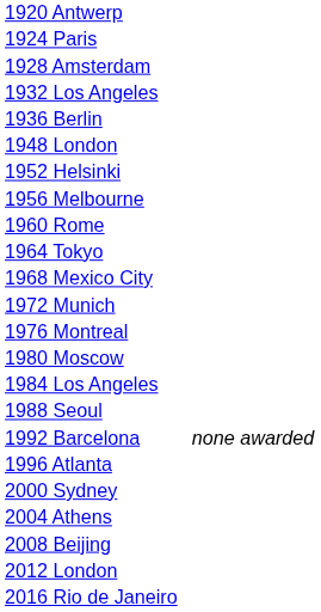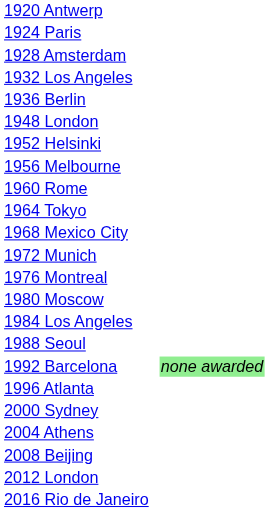 <table>
 <tr>
 <td><a href='#'>1920 Antwerp</a><br></td>
 <td></td>
 <td></td>
 <td></td>
 </tr>
 <tr>
 <td><a href='#'>1924 Paris</a><br></td>
 <td></td>
 <td></td>
 <td></td>
 </tr>
 <tr>
 <td><a href='#'>1928 Amsterdam</a><br></td>
 <td></td>
 <td></td>
 <td></td>
 </tr>
 <tr>
 <td><a href='#'>1932 Los Angeles</a><br></td>
 <td></td>
 <td></td>
 <td></td>
 </tr>
 <tr>
 <td><a href='#'>1936 Berlin</a><br></td>
 <td></td>
 <td></td>
 <td></td>
 </tr>
 <tr>
 <td><a href='#'>1948 London</a><br></td>
 <td></td>
 <td></td>
 <td></td>
 </tr>
 <tr>
 <td><a href='#'>1952 Helsinki</a><br></td>
 <td></td>
 <td></td>
 <td></td>
 </tr>
 <tr>
 <td><a href='#'>1956 Melbourne</a><br></td>
 <td></td>
 <td></td>
 <td></td>
 </tr>
 <tr>
 <td><a href='#'>1960 Rome</a><br></td>
 <td></td>
 <td></td>
 <td></td>
 </tr>
 <tr>
 <td><a href='#'>1964 Tokyo</a><br></td>
 <td></td>
 <td></td>
 <td></td>
 </tr>
 <tr>
 <td><a href='#'>1968 Mexico City</a><br></td>
 <td></td>
 <td></td>
 <td></td>
 </tr>
 <tr>
 <td><a href='#'>1972 Munich</a><br></td>
 <td></td>
 <td></td>
 <td></td>
 </tr>
 <tr>
 <td><a href='#'>1976 Montreal</a><br></td>
 <td></td>
 <td></td>
 <td></td>
 </tr>
 <tr>
 <td><a href='#'>1980 Moscow</a><br></td>
 <td></td>
 <td></td>
 <td></td>
 </tr>
 <tr>
 <td><a href='#'>1984 Los Angeles</a><br></td>
 <td></td>
 <td></td>
 <td></td>
 </tr>
 <tr>
 <td><a href='#'>1988 Seoul</a><br></td>
 <td></td>
 <td></td>
 <td></td>
 </tr>
 <tr>
 <td><a href='#'>1992 Barcelona</a><br></td>
 <td></td>
 <td></td>
-<td><em>none awarded</em></td>
+<td style="background: lightgreen;"><em>none awarded</em></td>
 </tr>
 <tr>
 <td><a href='#'>1996 Atlanta</a><br></td>
 <td></td>
 <td></td>
 <td></td>
 </tr>
 <tr>
 <td><a href='#'>2000 Sydney</a><br></td>
 <td></td>
 <td></td>
 <td></td>
 </tr>
 <tr>
 <td><a href='#'>2004 Athens</a><br></td>
 <td></td>
 <td></td>
 <td></td>
 </tr>
 <tr>
 <td><a href='#'>2008 Beijing</a><br></td>
 <td></td>
 <td></td>
 <td></td>
 </tr>
 <tr>
 <td><a href='#'>2012 London</a><br></td>
 <td></td>
 <td></td>
 <td></td>
 </tr>
 <tr>
 <td><a href='#'>2016 Rio de Janeiro</a><br></td>
 <td></td>
 <td></td>
 <td></td>
 </tr>
 </table>
